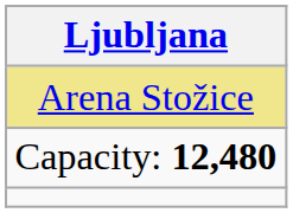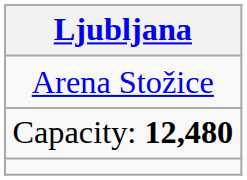 <table class="wikitable" style="text-align:center;">
 <tr>
 <th><a href='#'>Ljubljana</a></th>
 </tr>
 <tr>
-<td style="background: khaki;"><a href='#'>Arena Stožice</a></td>
+<td><a href='#'>Arena Stožice</a></td>
 </tr>
 <tr>
 <td>Capacity: <strong>12,480</strong></td>
 </tr>
 <tr>
 <td></td>
 </tr>
 </table>
